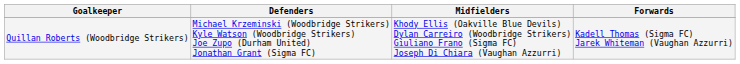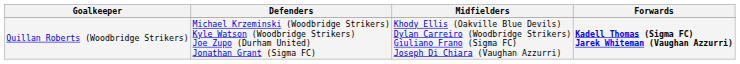 <table class="wikitable">
 <tr style="background:#cccccc;">
 <th>Goalkeeper</th>
 <th>Defenders</th>
 <th>Midfielders</th>
 <th>Forwards</th>
 </tr>
 <tr>
 </tr>
 <tr style="background:#f4f4f4;">
 <td><a href='#'>Quillan Roberts</a> (Woodbridge Strikers)</td>
 <td><a href='#'>Michael Krzeminski</a> (Woodbridge Strikers)<br><a href='#'>Kyle Watson</a> (Woodbridge Strikers)<br><a href='#'>Joe Zupo</a> (Durham United)<br><a href='#'>Jonathan Grant</a> (Sigma FC)</td>
 <td><a href='#'>Khody Ellis</a> (Oakville Blue Devils)<br><a href='#'>Dylan Carreiro</a> (Woodbridge Strikers)<br><a href='#'>Giuliano Frano</a> (Sigma FC)<br><a href='#'>Joseph Di Chiara</a> (Vaughan Azzurri)</td>
-<td><a href='#'>Kadell Thomas</a> (Sigma FC)<br><a href='#'>Jarek Whiteman</a> (Vaughan Azzurri)</td>
+<td><strong><a href='#'>Kadell Thomas</a> (Sigma FC)<br><a href='#'>Jarek Whiteman</a> (Vaughan Azzurri)</strong></td>
 </tr>
 </table>
